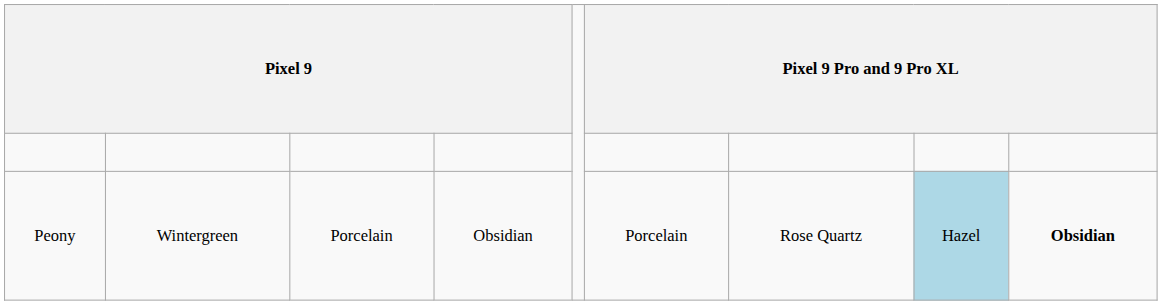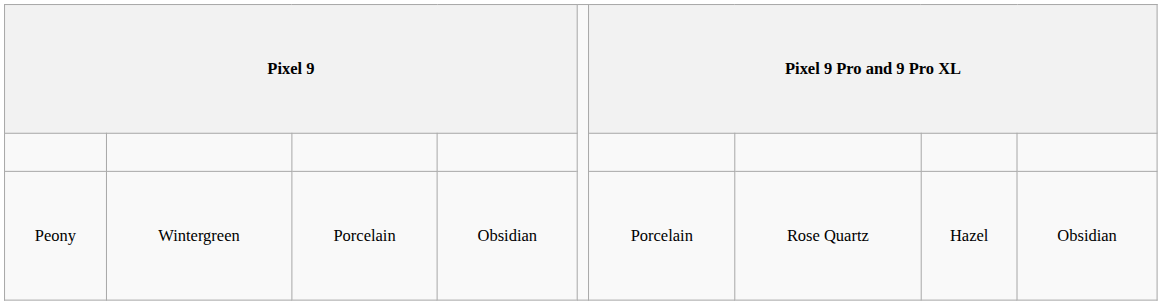 <table class="wikitable" style="text-align: center; width:70em; height:18em;">
 <tr>
 <th colspan="4">Pixel 9</th>
 <td rowspan=3 style="font-size:70%;"></td>
 <th colspan="4">Pixel 9 Pro and 9 Pro XL</th>
 </tr>
 <tr>
 <td></td>
 <td></td>
 <td></td>
 <td></td>
 <td></td>
 <td></td>
 <td></td>
 <td></td>
 </tr>
 <tr>
 <td> Peony</td>
 <td> Wintergreen</td>
 <td> Porcelain</td>
 <td> Obsidian</td>
 <td> Porcelain</td>
 <td> Rose Quartz</td>
-<td style="background: lightblue;"> Hazel</td>
-<td><strong> Obsidian</strong></td>
+<td> Hazel</td>
+<td> Obsidian</td>
 </tr>
 </table>
